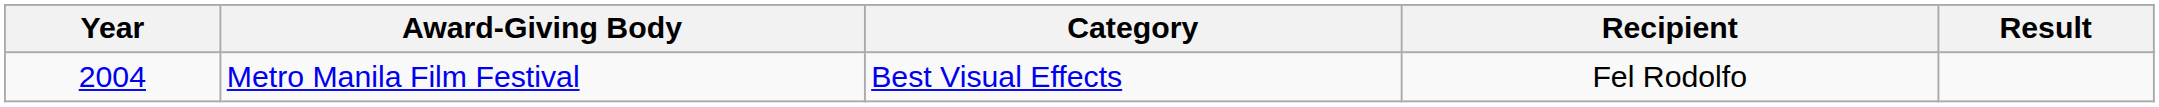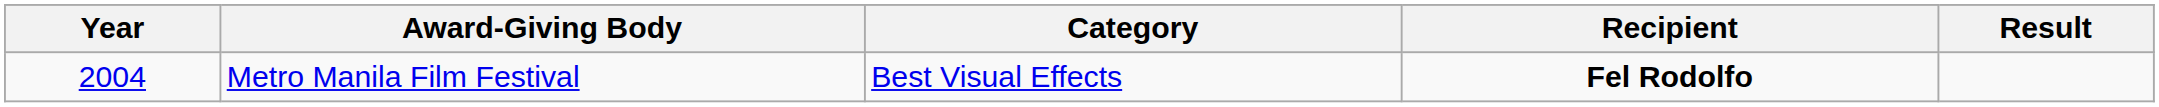 <table | width="90%" class="wikitable sortable">
 <tr>
 <th width="10%">Year</th>
 <th width="30%">Award-Giving Body</th>
 <th width="25%">Category</th>
 <th width="25%">Recipient</th>
 <th width="10%">Result</th>
 </tr>
 <tr>
 <td rowspan="6" align="center"><a href='#'>2004</a></td>
 <td rowspan="6" align="left"><a href='#'>Metro Manila Film Festival</a></td>
 <td align="left"><a href='#'>Best Visual Effects</a></td>
-<td align="center">Fel Rodolfo</td>
+<td align="center"><strong>Fel Rodolfo</strong></td>
 <td></td>
 </tr>
 </table>
